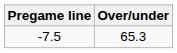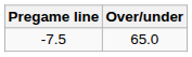 <table class="wikitable" style="margin-left: auto; margin-right: auto; border: none; display: inline-table;">
 <tr align="center">
 <th style=>Pregame line</th>
 <th style=>Over/under</th>
 </tr>
 <tr align="center">
 <td>-7.5</td>
-<td>65.3</td>
+<td>65.0</td>
 </tr>
 </table>
